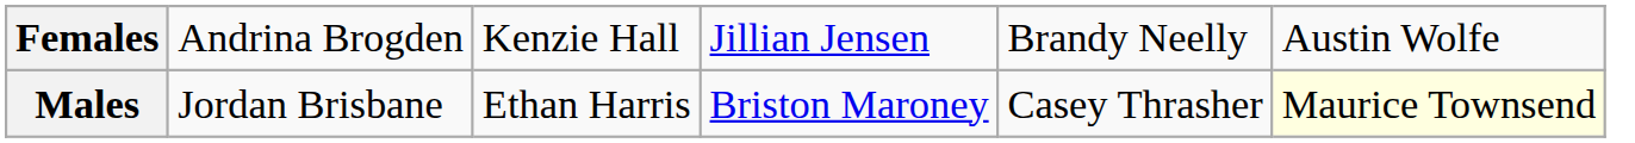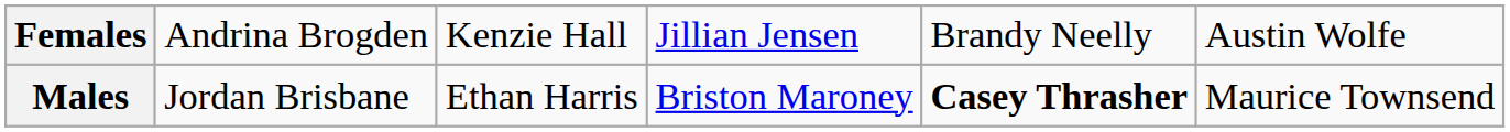 <table class="wikitable">
 <tr>
 <th scope="row">Females</th>
 <td>Andrina Brogden</td>
 <td>Kenzie Hall</td>
 <td><a href='#'>Jillian Jensen</a></td>
 <td>Brandy Neelly</td>
 <td>Austin Wolfe</td>
 </tr>
 <tr>
 <th scope="row">Males</th>
 <td>Jordan Brisbane</td>
 <td>Ethan Harris</td>
 <td><a href='#'>Briston Maroney</a></td>
-<td>Casey Thrasher</td>
-<td style="background: lightyellow;">Maurice Townsend</td>
+<td><strong>Casey Thrasher</strong></td>
+<td>Maurice Townsend</td>
 </tr>
 </table>
